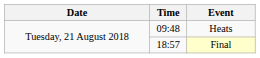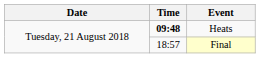 <table class = "wikitable" style="text-align:center;">
 <tr>
 <th width=220>Date</th>
 <th width=50>Time</th>
 <th width=100>Event</th>
 </tr>
 <tr>
 <td rowspan=2>Tuesday, 21 August 2018</td>
-<td>09:48</td>
+<td><strong>09:48</strong></td>
 <td>Heats</td>
 </tr>
 <tr>
 <td>18:57</td>
 <td bgcolor=ffffcc>Final</td>
 </tr>
 </table>
